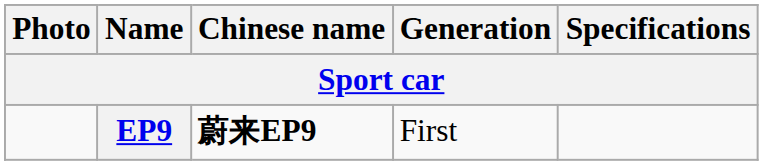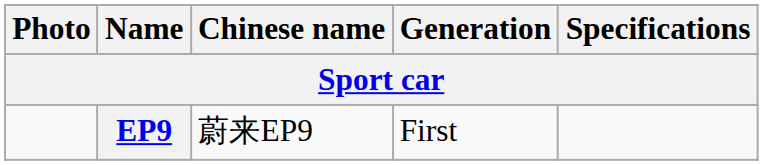 <table class="wikitable">
 <tr>
 <th>Photo</th>
 <th>Name</th>
 <th>Chinese name</th>
 <th>Generation</th>
 <th>Specifications</th>
 </tr>
 <tr>
 <th colspan="5"><a href='#'>Sport car</a></th>
 </tr>
 <tr>
 <td></td>
 <th><a href='#'>EP9</a></th>
-<td><strong>蔚来EP9</strong></td>
+<td>蔚来EP9</td>
 <td>First</td>
 <td></td>
 </tr>
 </table>
